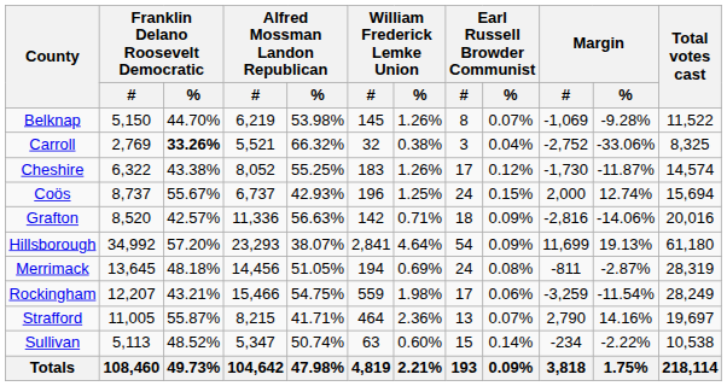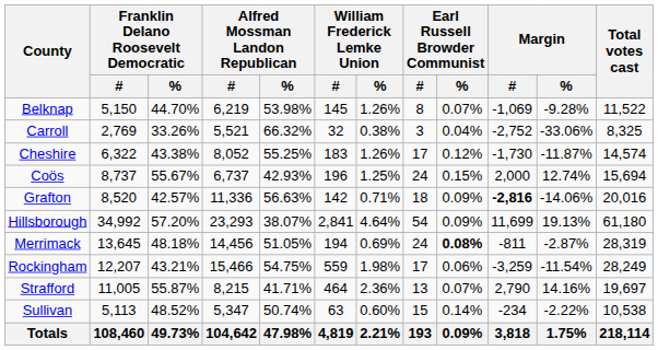 <table width="70%"  class="wikitable sortable" style="text-align:center">
 <tr>
 <th rowspan=2>County</th>
 <th style="text-align:center;" colspan="2">Franklin Delano Roosevelt<br>Democratic</th>
 <th style="text-align:center;" colspan="2">Alfred Mossman Landon<br>Republican</th>
 <th style="text-align:center;" colspan="2">William Frederick Lemke<br>Union</th>
 <th style="text-align:center;" colspan="2">Earl Russell Browder<br>Communist</th>
 <th style="text-align:center;" colspan="2">Margin</th>
 <th style="text-align:center;" rowspan="2">Total votes cast</th>
 </tr>
 <tr>
 <th style="text-align:center;" data-sort-type="number">#</th>
 <th style="text-align:center;" data-sort-type="number">%</th>
 <th style="text-align:center;" data-sort-type="number">#</th>
 <th style="text-align:center;" data-sort-type="number">%</th>
 <th style="text-align:center;" data-sort-type="number">#</th>
 <th style="text-align:center;" data-sort-type="number">%</th>
 <th style="text-align:center;" data-sort-type="number">#</th>
 <th style="text-align:center;" data-sort-type="number">%</th>
 <th style="text-align:center;" data-sort-type="number">#</th>
 <th style="text-align:center;" data-sort-type="number">%</th>
 </tr>
 <tr style="text-align:center;">
 <td><a href='#'>Belknap</a></td>
 <td>5,150</td>
 <td>44.70%</td>
 <td>6,219</td>
 <td>53.98%</td>
 <td>145</td>
 <td>1.26%</td>
 <td>8</td>
 <td>0.07%</td>
 <td>-1,069</td>
 <td>-9.28%</td>
 <td>11,522</td>
 </tr>
 <tr style="text-align:center;">
 <td><a href='#'>Carroll</a></td>
 <td>2,769</td>
-<td><strong>33.26%</strong></td>
+<td>33.26%</td>
 <td>5,521</td>
 <td>66.32%</td>
 <td>32</td>
 <td>0.38%</td>
 <td>3</td>
 <td>0.04%</td>
 <td>-2,752</td>
 <td>-33.06%</td>
 <td>8,325</td>
 </tr>
 <tr style="text-align:center;">
 <td><a href='#'>Cheshire</a></td>
 <td>6,322</td>
 <td>43.38%</td>
 <td>8,052</td>
 <td>55.25%</td>
 <td>183</td>
 <td>1.26%</td>
 <td>17</td>
 <td>0.12%</td>
 <td>-1,730</td>
 <td>-11.87%</td>
 <td>14,574</td>
 </tr>
 <tr style="text-align:center;">
 <td><a href='#'>Coös</a></td>
 <td>8,737</td>
 <td>55.67%</td>
 <td>6,737</td>
 <td>42.93%</td>
 <td>196</td>
 <td>1.25%</td>
 <td>24</td>
 <td>0.15%</td>
 <td>2,000</td>
 <td>12.74%</td>
 <td>15,694</td>
 </tr>
 <tr style="text-align:center;">
 <td><a href='#'>Grafton</a></td>
 <td>8,520</td>
 <td>42.57%</td>
 <td>11,336</td>
 <td>56.63%</td>
 <td>142</td>
 <td>0.71%</td>
 <td>18</td>
 <td>0.09%</td>
-<td>-2,816</td>
+<td><strong>-2,816</strong></td>
 <td>-14.06%</td>
 <td>20,016</td>
 </tr>
 <tr style="text-align:center;">
 <td><a href='#'>Hillsborough</a></td>
 <td>34,992</td>
 <td>57.20%</td>
 <td>23,293</td>
 <td>38.07%</td>
 <td>2,841</td>
 <td>4.64%</td>
 <td>54</td>
 <td>0.09%</td>
 <td>11,699</td>
 <td>19.13%</td>
 <td>61,180</td>
 </tr>
 <tr style="text-align:center;">
 <td><a href='#'>Merrimack</a></td>
 <td>13,645</td>
 <td>48.18%</td>
 <td>14,456</td>
 <td>51.05%</td>
 <td>194</td>
 <td>0.69%</td>
 <td>24</td>
-<td>0.08%</td>
+<td><strong>0.08%</strong></td>
 <td>-811</td>
 <td>-2.87%</td>
 <td>28,319</td>
 </tr>
 <tr style="text-align:center;">
 <td><a href='#'>Rockingham</a></td>
 <td>12,207</td>
 <td>43.21%</td>
 <td>15,466</td>
 <td>54.75%</td>
 <td>559</td>
 <td>1.98%</td>
 <td>17</td>
 <td>0.06%</td>
 <td>-3,259</td>
 <td>-11.54%</td>
 <td>28,249</td>
 </tr>
 <tr style="text-align:center;">
 <td><a href='#'>Strafford</a></td>
 <td>11,005</td>
 <td>55.87%</td>
 <td>8,215</td>
 <td>41.71%</td>
 <td>464</td>
 <td>2.36%</td>
 <td>13</td>
 <td>0.07%</td>
 <td>2,790</td>
 <td>14.16%</td>
 <td>19,697</td>
 </tr>
 <tr style="text-align:center;">
 <td><a href='#'>Sullivan</a></td>
 <td>5,113</td>
 <td>48.52%</td>
 <td>5,347</td>
 <td>50.74%</td>
 <td>63</td>
 <td>0.60%</td>
 <td>15</td>
 <td>0.14%</td>
 <td>-234</td>
 <td>-2.22%</td>
 <td>10,538</td>
 </tr>
 <tr style="text-align:center;">
 <th>Totals</th>
 <th>108,460</th>
 <th>49.73%</th>
 <th>104,642</th>
 <th>47.98%</th>
 <th>4,819</th>
 <th>2.21%</th>
 <th>193</th>
 <th>0.09%</th>
 <th>3,818</th>
 <th>1.75%</th>
 <th>218,114</th>
 </tr>
 </table>
